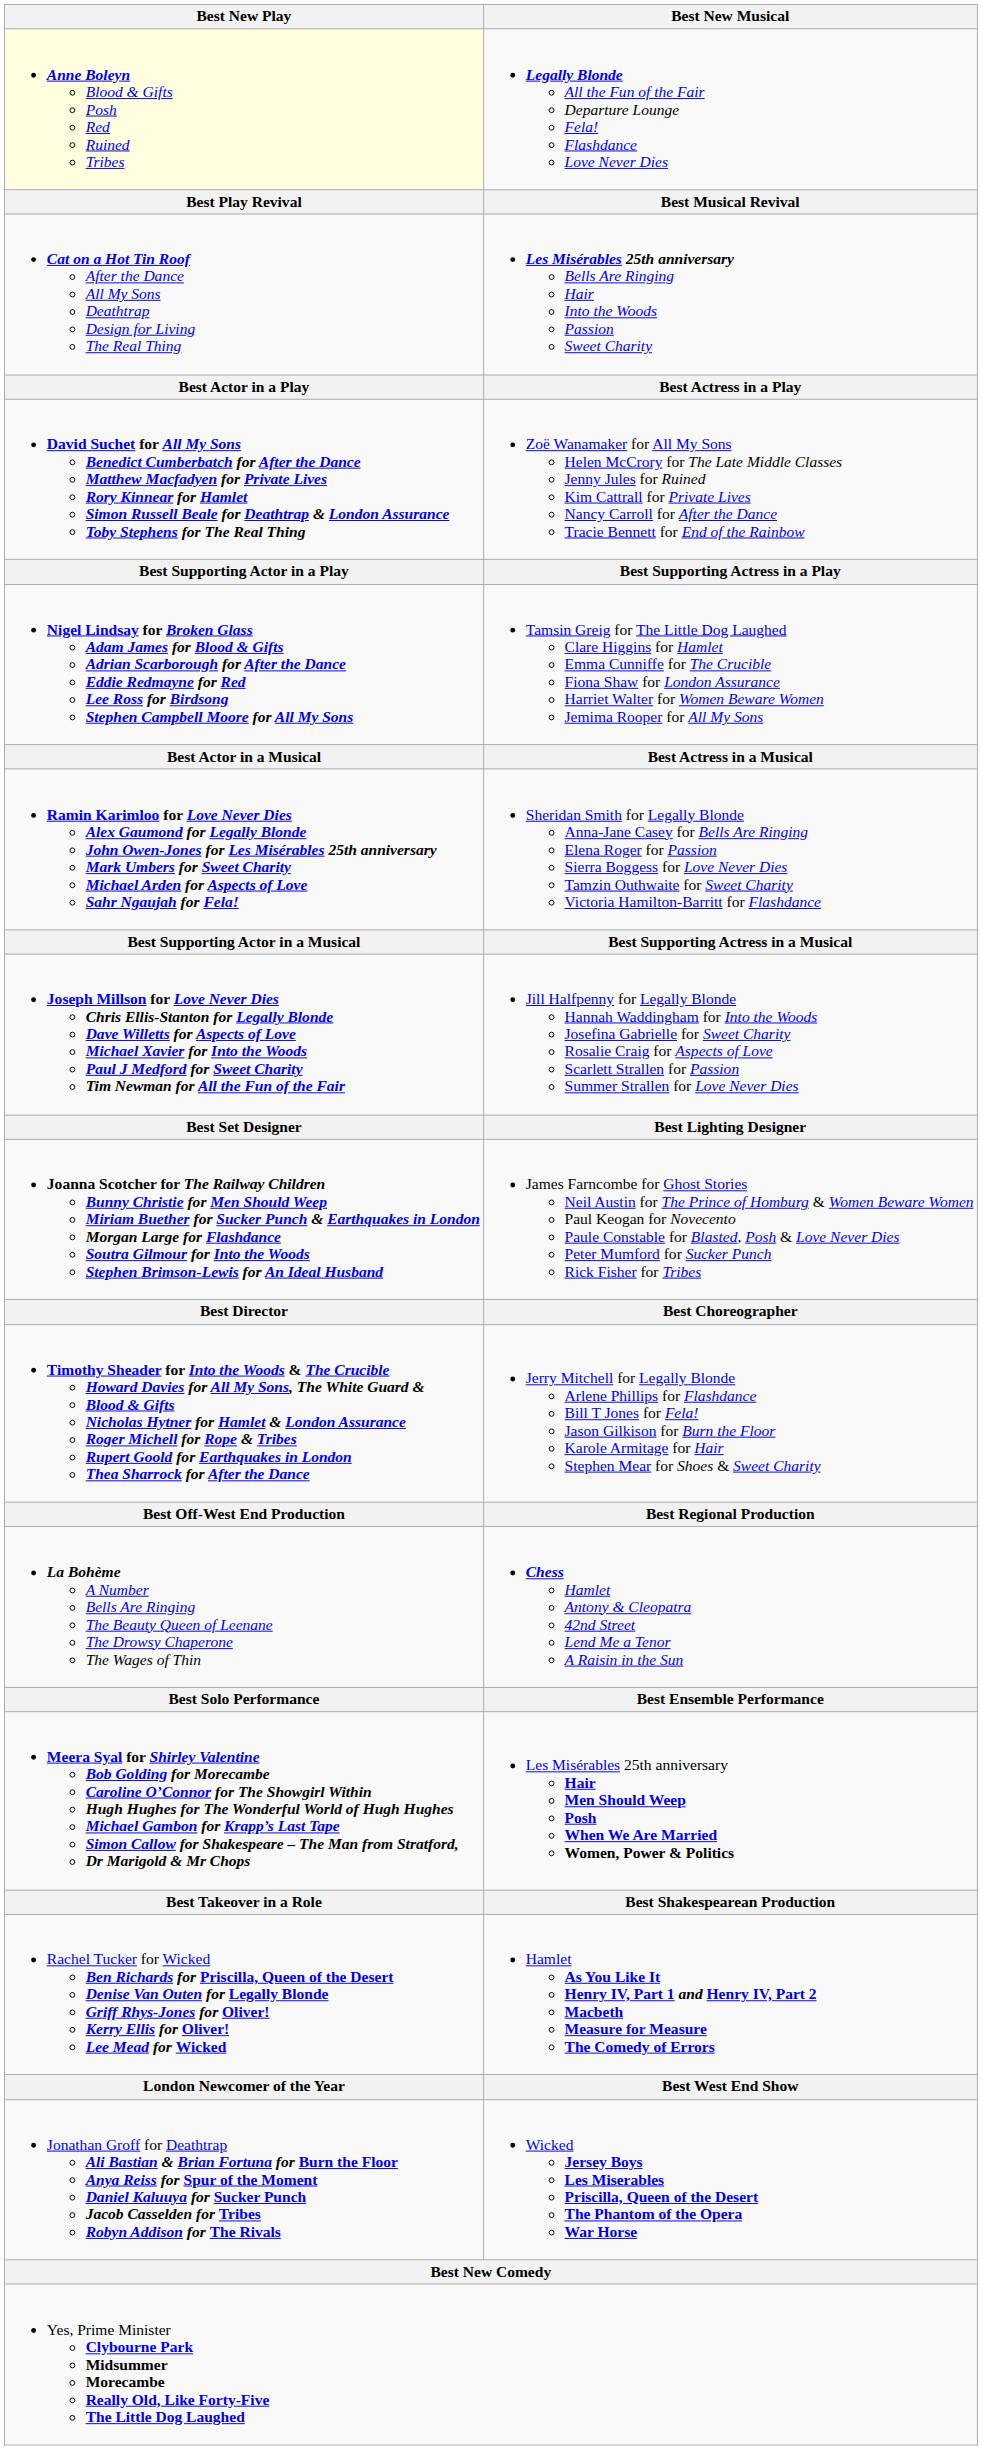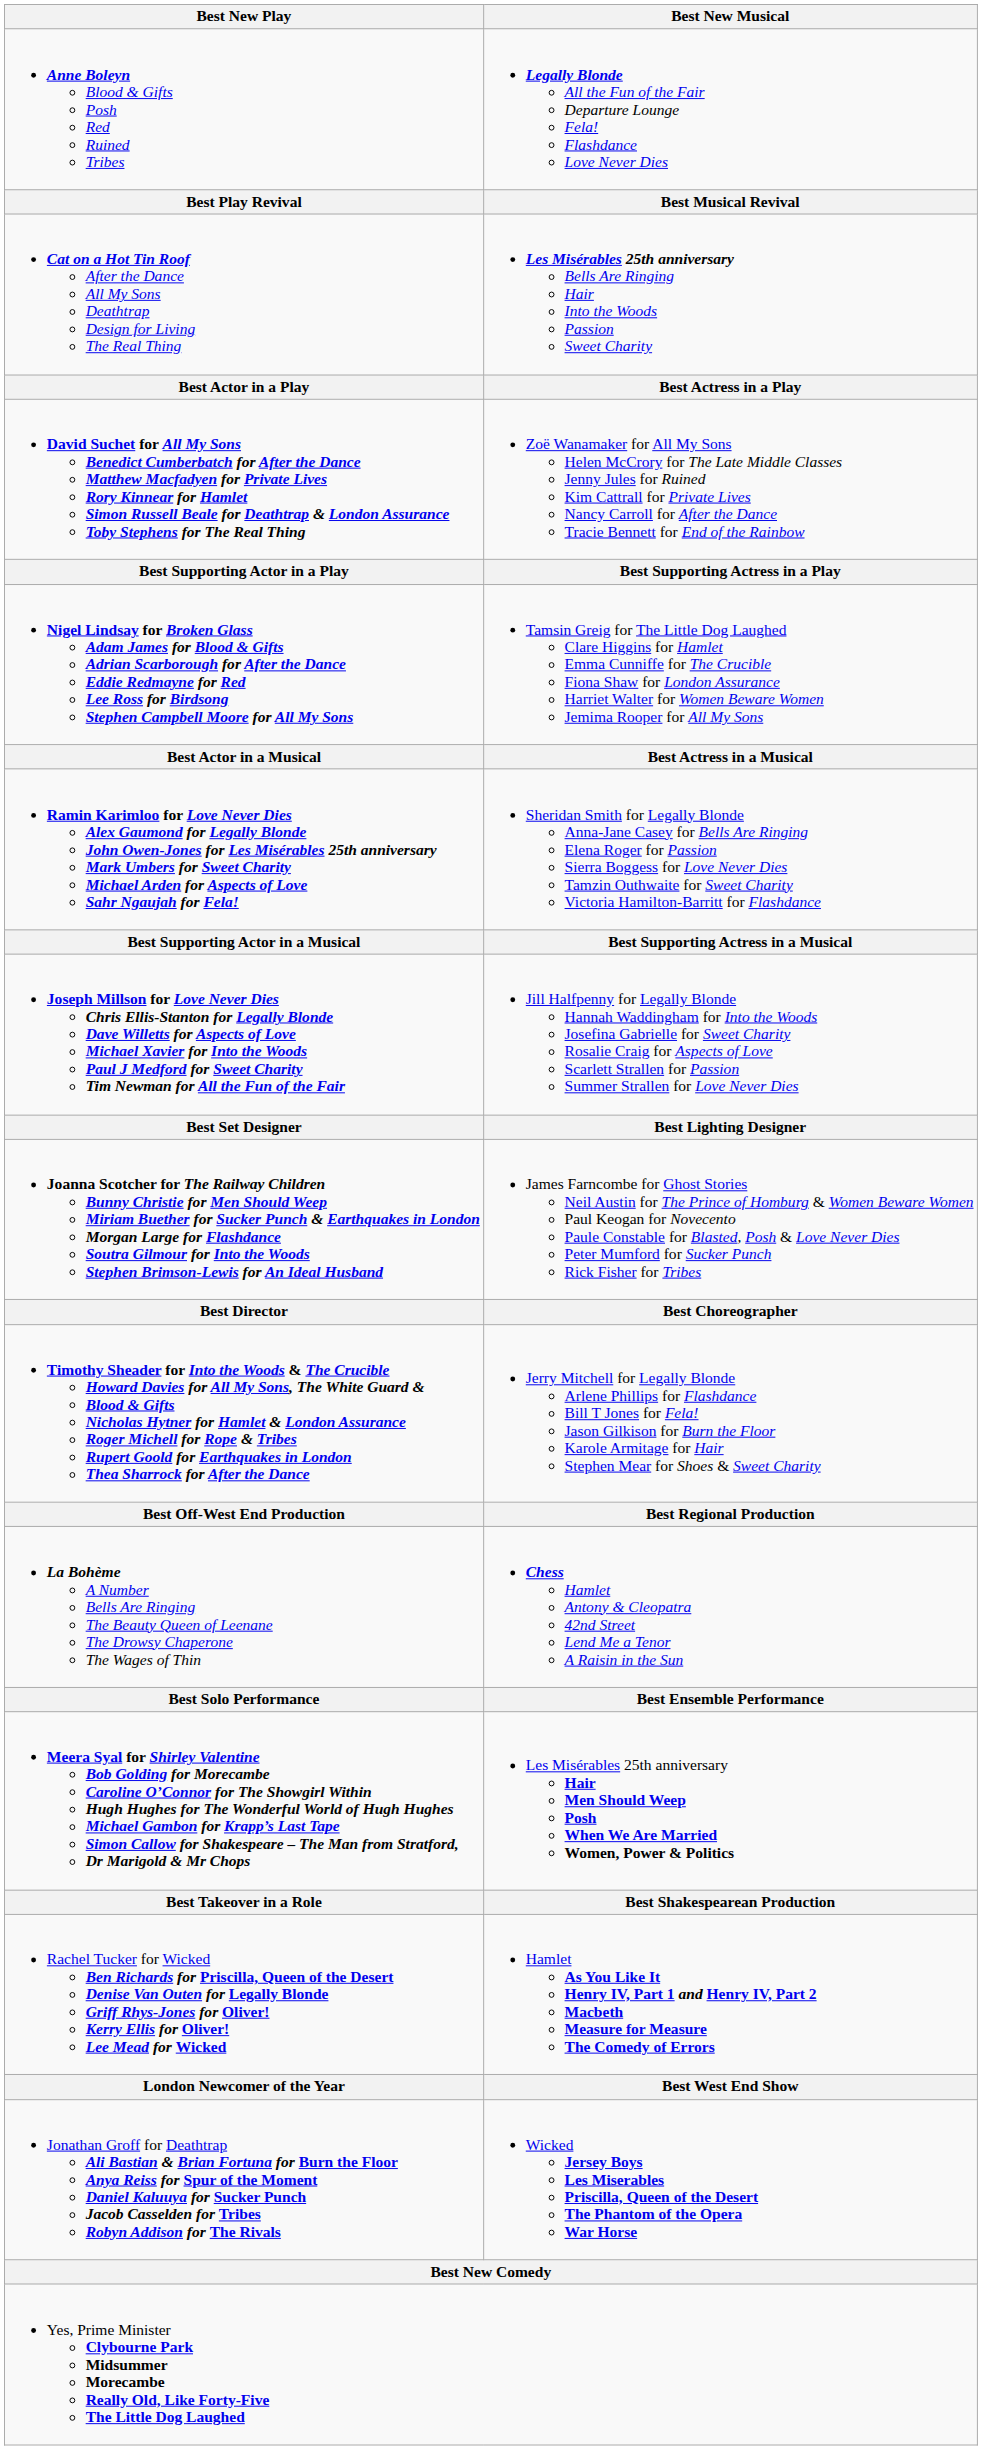 <table class="wikitable">
 <tr>
 <th>Best New Play</th>
 <th>Best New Musical</th>
 </tr>
 <tr>
-<td style="background: lightyellow;"><br><ul><li><strong><em><a href='#'>Anne Boleyn</a></em></strong><ul><li><em><a href='#'>Blood & Gifts</a></em></li><li><em><a href='#'>Posh</a></em></li><li><em><a href='#'>Red</a></em></li><li><em><a href='#'>Ruined</a></em></li><li><em><a href='#'>Tribes</a></em></li></ul></li></ul></td>
+<td><br><ul><li><strong><em><a href='#'>Anne Boleyn</a></em></strong><ul><li><em><a href='#'>Blood & Gifts</a></em></li><li><em><a href='#'>Posh</a></em></li><li><em><a href='#'>Red</a></em></li><li><em><a href='#'>Ruined</a></em></li><li><em><a href='#'>Tribes</a></em></li></ul></li></ul></td>
 <td><br><ul><li><strong><em><a href='#'>Legally Blonde</a></em></strong><ul><li><em><a href='#'>All the Fun of the Fair</a></em></li><li><em>Departure Lounge</em></li><li><em><a href='#'>Fela!</a></em></li><li><em><a href='#'>Flashdance</a></em></li><li><em><a href='#'>Love Never Dies</a></em></li></ul></li></ul></td>
 </tr>
 <tr>
 <th>Best Play Revival</th>
 <th>Best Musical Revival</th>
 </tr>
 <tr>
 <td><br><ul><li><strong><em><a href='#'>Cat on a Hot Tin Roof</a></em></strong><ul><li><em><a href='#'>After the Dance</a></em></li><li><em><a href='#'>All My Sons</a></em></li><li><em><a href='#'>Deathtrap</a></em></li><li><em><a href='#'>Design for Living</a></em></li><li><em><a href='#'>The Real Thing</a></em></li></ul></li></ul></td>
 <td><br><ul><li><a href='#'><strong><em>Les Misérables</em></strong></a> <strong><em>25th anniversary</em></strong><ul><li><em><a href='#'>Bells Are Ringing</a></em></li><li><em><a href='#'>Hair</a></em></li><li><a href='#'><em>Into the Woods</em></a></li><li><em><a href='#'>Passion</a></em></li><li><a href='#'><em>Sweet Charity</em></a></li></ul></li></ul></td>
 </tr>
 <tr>
 <th>Best Actor in a Play</th>
 <th>Best Actress in a Play</th>
 </tr>
 <tr>
 <td><br><ul><li><strong><a href='#'>David Suchet</a> for <em><a href='#'>All My Sons</a><strong><em><ul><li><a href='#'>Benedict Cumberbatch</a> for </em><a href='#'>After the Dance</a><em></li><li><a href='#'>Matthew Macfadyen</a> for </em><a href='#'>Private Lives</a><em></li><li><a href='#'>Rory Kinnear</a> for </em><a href='#'>Hamlet</a><em></li><li><a href='#'>Simon Russell Beale</a> for </em><a href='#'>Deathtrap</a><em> & </em><a href='#'>London Assurance</a><em></li><li><a href='#'>Toby Stephens</a> for </em>The Real Thing<em></li></ul></li></ul></td>
 <td><br><ul><li></strong><a href='#'>Zoë Wanamaker</a> for </em><a href='#'>All My Sons</a></em></strong><ul><li><a href='#'>Helen McCrory</a> for <em>The Late Middle Classes</em></li><li><a href='#'>Jenny Jules</a> for <em>Ruined</em></li><li><a href='#'>Kim Cattrall</a> for <em><a href='#'>Private Lives</a></em></li><li><a href='#'>Nancy Carroll</a> for <em><a href='#'>After the Dance</a></em></li><li><a href='#'>Tracie Bennett</a> for <em><a href='#'>End of the Rainbow</a></em></li></ul></li></ul></td>
 </tr>
 <tr>
 <th>Best Supporting Actor in a Play</th>
 <th>Best Supporting Actress in a Play</th>
 </tr>
 <tr>
 <td><br><ul><li><strong><a href='#'>Nigel Lindsay</a> for <em><a href='#'>Broken Glass</a><strong><em><ul><li><a href='#'>Adam James</a> for <a href='#'></em>Blood & Gifts<em></a></li><li><a href='#'>Adrian Scarborough</a> for <a href='#'></em>After the Dance<em></a></li><li><a href='#'>Eddie Redmayne</a> for </em><a href='#'>Red</a><em></li><li><a href='#'>Lee Ross</a> for <a href='#'></em>Birdsong<em></a></li><li><a href='#'>Stephen Campbell Moore</a> for </em><a href='#'>All My Sons</a><em></li></ul></li></ul></td>
 <td><br><ul><li></strong><a href='#'>Tamsin Greig</a> for </em><a href='#'>The Little Dog Laughed</a></em></strong><ul><li><a href='#'>Clare Higgins</a> for <em><a href='#'>Hamlet</a></em></li><li><a href='#'>Emma Cunniffe</a> for <em><a href='#'>The Crucible</a></em></li><li><a href='#'>Fiona Shaw</a> for <em><a href='#'>London Assurance</a></em></li><li><a href='#'>Harriet Walter</a> for <em><a href='#'>Women Beware Women</a></em></li><li><a href='#'>Jemima Rooper</a> for <em><a href='#'>All My Sons</a></em></li></ul></li></ul></td>
 </tr>
 <tr>
 <th>Best Actor in a Musical</th>
 <th>Best Actress in a Musical</th>
 </tr>
 <tr>
 <td><br><ul><li><strong><a href='#'>Ramin Karimloo</a> for <em><a href='#'>Love Never Dies</a><strong><em><ul><li><a href='#'>Alex Gaumond</a> for </em><a href='#'>Legally Blonde</a><em></li><li><a href='#'>John Owen-Jones</a> for </em><a href='#'>Les Misérables</a> 25th anniversary<em></li><li><a href='#'>Mark Umbers</a> for </em><a href='#'>Sweet Charity</a><em></li><li><a href='#'>Michael Arden</a> for </em><a href='#'>Aspects of Love</a><em></li><li><a href='#'>Sahr Ngaujah</a> for </em><a href='#'>Fela!</a><em></li></ul></li></ul></td>
 <td><br><ul><li></strong><a href='#'>Sheridan Smith</a> for </em><a href='#'>Legally Blonde</a></em></strong><ul><li><a href='#'>Anna-Jane Casey</a> for <em><a href='#'>Bells Are Ringing</a></em></li><li><a href='#'>Elena Roger</a> for <em><a href='#'>Passion</a></em></li><li><a href='#'>Sierra Boggess</a> for <em><a href='#'>Love Never Dies</a></em></li><li><a href='#'>Tamzin Outhwaite</a> for <em><a href='#'>Sweet Charity</a></em></li><li><a href='#'>Victoria Hamilton-Barritt</a> for <em><a href='#'>Flashdance</a></em></li></ul></li></ul></td>
 </tr>
 <tr>
 <th>Best Supporting Actor in a Musical</th>
 <th>Best Supporting Actress in a Musical</th>
 </tr>
 <tr>
 <td><br><ul><li><strong><a href='#'>Joseph Millson</a> for <em><a href='#'>Love Never Dies</a><strong><em><ul><li>Chris Ellis-Stanton for </em><a href='#'>Legally Blonde</a><em></li><li><a href='#'>Dave Willetts</a> for </em><a href='#'>Aspects of Love</a><em></li><li><a href='#'>Michael Xavier</a> for </em><a href='#'>Into the Woods</a><em></li><li><a href='#'>Paul J Medford</a> for </em><a href='#'>Sweet Charity</a><em></li><li>Tim Newman for </em><a href='#'>All the Fun of the Fair</a><em></li></ul></li></ul></td>
 <td><br><ul><li></strong><a href='#'>Jill Halfpenny</a> for </em><a href='#'>Legally Blonde</a></em></strong><ul><li><a href='#'>Hannah Waddingham</a> for <em><a href='#'>Into the Woods</a></em></li><li><a href='#'>Josefina Gabrielle</a> for <em><a href='#'>Sweet Charity</a></em></li><li><a href='#'>Rosalie Craig</a> for <em><a href='#'>Aspects of Love</a></em></li><li><a href='#'>Scarlett Strallen</a> for <em><a href='#'>Passion</a></em></li><li><a href='#'>Summer Strallen</a> for <em><a href='#'>Love Never Dies</a></em></li></ul></li></ul></td>
 </tr>
 <tr>
 <th>Best Set Designer</th>
 <th>Best Lighting Designer</th>
 </tr>
 <tr>
 <td><br><ul><li><strong>Joanna Scotcher for <em>The Railway Children<strong><em><ul><li><a href='#'>Bunny Christie</a> for </em><a href='#'>Men Should Weep</a><em></li><li><a href='#'>Miriam Buether</a> for </em><a href='#'>Sucker Punch</a><em> & </em><a href='#'>Earthquakes in London</a><em></li><li>Morgan Large for </em><a href='#'>Flashdance</a><em></li><li><a href='#'>Soutra Gilmour</a> for </em><a href='#'>Into the Woods</a><em></li><li><a href='#'>Stephen Brimson-Lewis</a> for </em><a href='#'>An Ideal Husband</a><em></li></ul></li></ul></td>
 <td><br><ul><li></strong>James Farncombe for </em><a href='#'>Ghost Stories</a></em></strong><ul><li><a href='#'>Neil Austin</a> for <em><a href='#'>The Prince of Homburg</a></em> & <em><a href='#'>Women Beware Women</a></em></li><li>Paul Keogan for <em>Novecento</em></li><li><a href='#'>Paule Constable</a> for <em><a href='#'>Blasted</a>, <a href='#'>Posh</a></em> & <em><a href='#'>Love Never Dies</a></em></li><li><a href='#'>Peter Mumford</a> for <em><a href='#'>Sucker Punch</a></em></li><li><a href='#'>Rick Fisher</a> for <a href='#'><em>Tribes</em></a></li></ul></li></ul></td>
 </tr>
 <tr>
 <th>Best Director</th>
 <th>Best Choreographer</th>
 </tr>
 <tr>
 <td><br><ul><li><strong><a href='#'>Timothy Sheader</a> for <em><a href='#'>Into the Woods</a></em> & <em><a href='#'>The Crucible</a><strong><em><ul><li><a href='#'>Howard Davies</a> for </em><a href='#'>All My Sons</a><em>, </em>The White Guard<em> &</li><li></em><a href='#'>Blood & Gifts</a><em></li><li><a href='#'>Nicholas Hytner</a> for </em><a href='#'>Hamlet</a><em> & </em><a href='#'>London Assurance</a><em></li><li><a href='#'>Roger Michell</a> for </em><a href='#'>Rope</a> & <a href='#'>Tribes</a><em></li><li><a href='#'>Rupert Goold</a> for </em><a href='#'>Earthquakes in London</a><em></li><li><a href='#'>Thea Sharrock</a> for </em><a href='#'>After the Dance</a><em></li></ul></li></ul></td>
 <td><br><ul><li></strong><a href='#'>Jerry Mitchell</a> for </em><a href='#'>Legally Blonde</a></em></strong><ul><li><a href='#'>Arlene Phillips</a> for <em><a href='#'>Flashdance</a></em></li><li><a href='#'>Bill T Jones</a> for <em><a href='#'>Fela!</a></em></li><li><a href='#'>Jason Gilkison</a> for <em><a href='#'>Burn the Floor</a></em></li><li><a href='#'>Karole Armitage</a> for <em><a href='#'>Hair</a></em></li><li><a href='#'>Stephen Mear</a> for <em>Shoes</em> & <em><a href='#'>Sweet Charity</a></em></li></ul></li></ul></td>
 </tr>
 <tr>
 <th>Best Off-West End Production</th>
 <th>Best Regional Production</th>
 </tr>
 <tr>
 <td><br><ul><li><strong><em>La Bohème</em></strong><ul><li><em><a href='#'>A Number</a></em></li><li><em><a href='#'>Bells Are Ringing</a></em></li><li><em><a href='#'>The Beauty Queen of Leenane</a></em></li><li><em><a href='#'>The Drowsy Chaperone</a></em></li><li><em>The Wages of Thin</em></li></ul></li></ul></td>
 <td><br><ul><li><strong><em><a href='#'>Chess</a></em></strong><ul><li><em><a href='#'>Hamlet</a></em></li><li><em><a href='#'>Antony & Cleopatra</a></em></li><li><em><a href='#'>42nd Street</a></em></li><li><em><a href='#'>Lend Me a Tenor</a></em></li><li><em><a href='#'>A Raisin in the Sun</a></em></li></ul></li></ul></td>
 </tr>
 <tr>
 <th>Best Solo Performance</th>
 <th>Best Ensemble Performance</th>
 </tr>
 <tr>
 <td><br><ul><li><strong><a href='#'>Meera Syal</a> for <em><a href='#'>Shirley Valentine</a><strong><em><ul><li><a href='#'>Bob Golding</a> for </em>Morecambe<em></li><li><a href='#'>Caroline O’Connor</a> for </em>The Showgirl Within<em></li><li>Hugh Hughes for </em>The Wonderful World of Hugh Hughes<em></li><li><a href='#'>Michael Gambon</a> for <a href='#'></em>Krapp’s Last Tape<em></a></li><li><a href='#'>Simon Callow</a> for </em>Shakespeare – The Man from Stratford,<em></li><li></em>Dr Marigold & Mr Chops<em></li></ul></li></ul></td>
 <td><br><ul><li><a href='#'></em></strong>Les Misérables<strong><em></a> </em></strong>25th anniversary<strong><em><ul><li></em><a href='#'>Hair</a><em></li><li></em><a href='#'>Men Should Weep</a><em></li><li></em><a href='#'>Posh</a><em></li><li></em><a href='#'>When We Are Married</a><em></li><li></em>Women, Power & Politics<em></li></ul></li></ul></td>
 </tr>
 <tr>
 <th>Best Takeover in a Role</th>
 <th>Best Shakespearean Production</th>
 </tr>
 <tr>
 <td><br><ul><li></strong><a href='#'>Rachel Tucker</a> for <a href='#'></em>Wicked<em></a><strong><ul><li><a href='#'>Ben Richards</a> for <a href='#'></em>Priscilla, Queen of the Desert<em></a></li><li><a href='#'>Denise Van Outen</a> for </em><a href='#'>Legally Blonde</a><em></li><li><a href='#'>Griff Rhys-Jones</a> for </em><a href='#'>Oliver!</a><em></li><li><a href='#'>Kerry Ellis</a> for </em><a href='#'>Oliver!</a><em></li><li><a href='#'>Lee Mead</a> for <a href='#'></em>Wicked<em></a></li></ul></li></ul></td>
 <td><br><ul><li></em></strong><a href='#'>Hamlet</a><strong><em><ul><li></em><a href='#'>As You Like It</a><em></li><li></em><a href='#'>Henry IV, Part 1</a><em> and </em><a href='#'>Henry IV, Part 2</a><em></li><li></em><a href='#'>Macbeth</a><em></li><li></em><a href='#'>Measure for Measure</a><em></li><li></em><a href='#'>The Comedy of Errors</a><em></li></ul></li></ul></td>
 </tr>
 <tr>
 <th>London Newcomer of the Year</th>
 <th>Best West End Show</th>
 </tr>
 <tr>
 <td><br><ul><li></strong><a href='#'>Jonathan Groff</a> for <a href='#'></em>Deathtrap<em></a><strong><ul><li><a href='#'>Ali Bastian</a> & <a href='#'>Brian Fortuna</a> for </em><a href='#'>Burn the Floor</a><em></li><li><a href='#'>Anya Reiss</a> for </em><a href='#'>Spur of the Moment</a><em></li><li><a href='#'>Daniel Kaluuya</a> for </em><a href='#'>Sucker Punch</a><em></li><li>Jacob Casselden for </em><a href='#'>Tribes</a><em></li><li><a href='#'>Robyn Addison</a> for </em><a href='#'>The Rivals</a><em></li></ul></li></ul></td>
 <td><br><ul><li></strong><a href='#'></em>Wicked<em></a><strong><ul><li></em><a href='#'>Jersey Boys</a><em></li><li><a href='#'></em>Les Miserables<em></a></li><li><a href='#'></em>Priscilla, Queen of the Desert<em></a></li><li></em><a href='#'>The Phantom of the Opera</a><em></li><li></em><a href='#'>War Horse</a><em></li></ul></li></ul></td>
 </tr>
 <tr>
 <th colspan="2">Best New Comedy</th>
 </tr>
 <tr>
 <td colspan="2"><br><ul><li></em></strong>Yes, Prime Minister<strong><em><ul><li></em><a href='#'>Clybourne Park</a><em></li><li></em>Midsummer<em></li><li></em>Morecambe<em></li><li></em><a href='#'>Really Old, Like Forty-Five</a><em></li><li></em><a href='#'>The Little Dog Laughed</a><em></li></ul></li></ul></td>
 </tr>
 </table>
